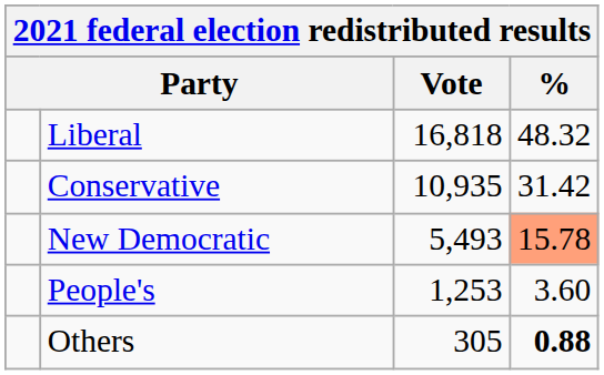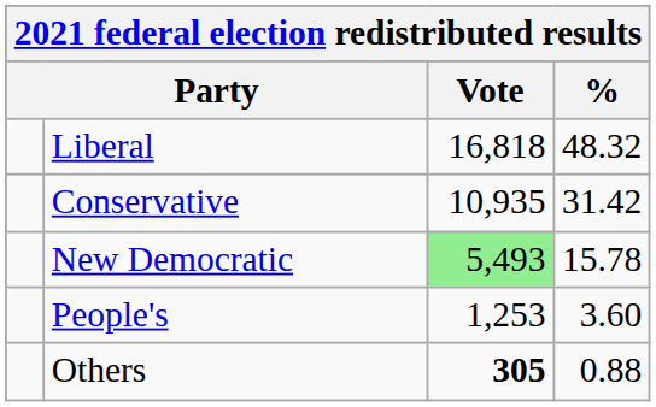 <table class="wikitable">
 <tr>
 <th colspan="4"><a href='#'>2021 federal election</a> redistributed results</th>
 </tr>
 <tr>
 <th bgcolor="#DDDDFF" width="130px" colspan="2">Party</th>
 <th bgcolor="#DDDDFF" width="50px">Vote</th>
 <th bgcolor="#DDDDFF" width="30px">%</th>
 </tr>
 <tr>
 <td> </td>
 <td><a href='#'>Liberal</a></td>
 <td align=right>16,818</td>
 <td align=right>48.32</td>
 </tr>
 <tr>
 <td> </td>
 <td><a href='#'>Conservative</a></td>
 <td align=right>10,935</td>
 <td align=right>31.42</td>
 </tr>
 <tr>
 <td> </td>
 <td><a href='#'>New Democratic</a></td>
-<td align=right>5,493</td>
-<td align=right style="background: lightsalmon;">15.78</td>
+<td align=right style="background: lightgreen;">5,493</td>
+<td align=right>15.78</td>
 </tr>
 <tr>
 <td> </td>
 <td><a href='#'>People's</a></td>
 <td align=right>1,253</td>
 <td align=right>3.60</td>
 </tr>
 <tr>
 <td> </td>
 <td>Others</td>
-<td align=right>305</td>
-<td align=right><strong>0.88</strong></td>
+<td align=right><strong>305</strong></td>
+<td align=right>0.88</td>
 </tr>
 </table>
